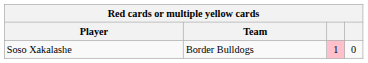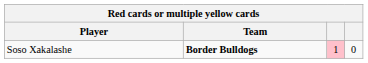 <table class="wikitable collapsible sortable" style="text-align:center; line-height:130%; font-size:90%; width:40%;">
 <tr>
 <th colspan=4>Red cards or multiple yellow cards</th>
 </tr>
 <tr>
 <th style="width:50%;">Player</th>
 <th style="width:40%;">Team</th>
 <th style="width:5%;"></th>
 <th style="width:5%;"><br></th>
 </tr>
 <tr>
 <td style="text-align:left;">Soso Xakalashe</td>
-<td style="text-align:left;">Border Bulldogs</td>
+<td style="text-align:left;"><strong>Border Bulldogs</strong></td>
 <td style="background: pink;">1</td>
 <td>0</td>
 </tr>
 </table>
